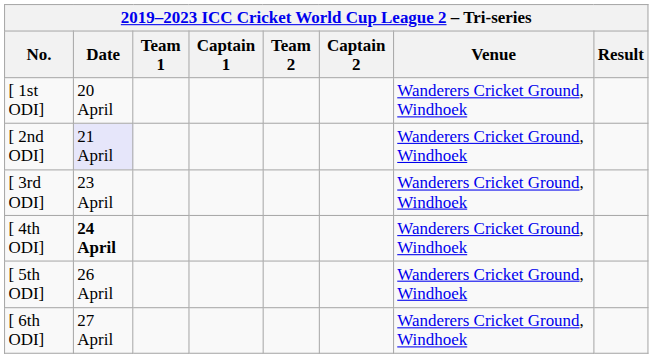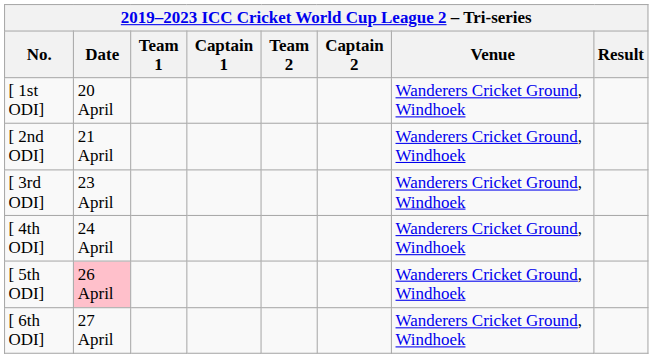 <table class="wikitable">
 <tr>
 <th colspan="9"><a href='#'>2019–2023 ICC Cricket World Cup League 2</a> – Tri-series</th>
 </tr>
 <tr>
 <th>No.</th>
 <th>Date</th>
 <th>Team 1</th>
 <th>Captain 1</th>
 <th>Team 2</th>
 <th>Captain 2</th>
 <th>Venue</th>
 <th>Result</th>
 </tr>
 <tr>
 <td>[ 1st ODI]</td>
 <td>20 April</td>
 <td></td>
 <td></td>
 <td></td>
 <td></td>
 <td><a href='#'>Wanderers Cricket Ground</a>, <a href='#'>Windhoek</a></td>
 <td></td>
 </tr>
 <tr>
 <td>[ 2nd ODI]</td>
-<td style="background: lavender;">21 April</td>
+<td>21 April</td>
 <td></td>
 <td></td>
 <td></td>
 <td></td>
 <td><a href='#'>Wanderers Cricket Ground</a>, <a href='#'>Windhoek</a></td>
 <td></td>
 </tr>
 <tr>
 <td>[ 3rd ODI]</td>
 <td>23 April</td>
 <td></td>
 <td></td>
 <td></td>
 <td></td>
 <td><a href='#'>Wanderers Cricket Ground</a>, <a href='#'>Windhoek</a></td>
 <td></td>
 </tr>
 <tr>
 <td>[ 4th ODI]</td>
-<td><strong>24 April</strong></td>
+<td>24 April</td>
 <td></td>
 <td></td>
 <td></td>
 <td></td>
 <td><a href='#'>Wanderers Cricket Ground</a>, <a href='#'>Windhoek</a></td>
 <td></td>
 </tr>
 <tr>
 <td>[ 5th ODI]</td>
-<td>26 April</td>
+<td style="background: pink;">26 April</td>
 <td></td>
 <td></td>
 <td></td>
 <td></td>
 <td><a href='#'>Wanderers Cricket Ground</a>, <a href='#'>Windhoek</a></td>
 <td></td>
 </tr>
 <tr>
 <td>[ 6th ODI]</td>
 <td>27 April</td>
 <td></td>
 <td></td>
 <td></td>
 <td></td>
 <td><a href='#'>Wanderers Cricket Ground</a>, <a href='#'>Windhoek</a></td>
 <td></td>
 </tr>
 </table>
